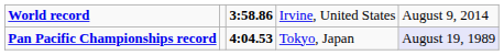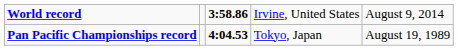 <table class="wikitable">
 <tr>
 <td><strong><a href='#'>World record</a></strong></td>
 <td></td>
 <td><strong>3:58.86</strong></td>
 <td><a href='#'>Irvine</a>, United States</td>
 <td>August 9, 2014</td>
 </tr>
 <tr>
 <td><strong><a href='#'>Pan Pacific Championships record</a></strong></td>
 <td></td>
 <td><strong>4:04.53</strong></td>
 <td><a href='#'>Tokyo</a>, Japan</td>
-<td style="background: lavender;">August 19, 1989</td>
+<td>August 19, 1989</td>
 </tr>
 </table>
